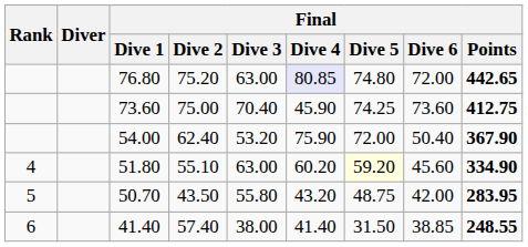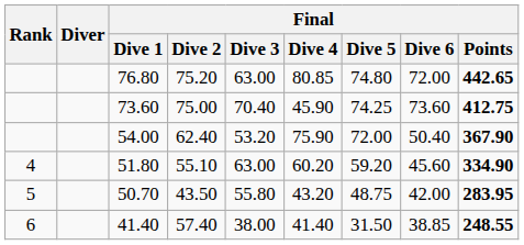 <table class="wikitable sortable"  style="text-align:center">
 <tr>
 <th rowspan="2" data-sort-type=number>Rank</th>
 <th rowspan="2">Diver</th>
 <th colspan="7">Final</th>
 </tr>
 <tr>
 <th>Dive 1</th>
 <th>Dive 2</th>
 <th>Dive 3</th>
 <th>Dive 4</th>
 <th>Dive 5</th>
 <th>Dive 6</th>
 <th>Points</th>
 </tr>
 <tr>
 <td></td>
 <td align="left"></td>
 <td>76.80</td>
 <td>75.20</td>
 <td>63.00</td>
-<td style="background: lavender;">80.85</td>
+<td>80.85</td>
 <td>74.80</td>
 <td>72.00</td>
 <td><strong>442.65</strong></td>
 </tr>
 <tr>
 <td></td>
 <td align="left"></td>
 <td>73.60</td>
 <td>75.00</td>
 <td>70.40</td>
 <td>45.90</td>
 <td>74.25</td>
 <td>73.60</td>
 <td><strong>412.75</strong></td>
 </tr>
 <tr>
 <td></td>
 <td align="left"></td>
 <td>54.00</td>
 <td>62.40</td>
 <td>53.20</td>
 <td>75.90</td>
 <td>72.00</td>
 <td>50.40</td>
 <td><strong>367.90</strong></td>
 </tr>
 <tr>
 <td>4</td>
 <td align="left"></td>
 <td>51.80</td>
 <td>55.10</td>
 <td>63.00</td>
 <td>60.20</td>
-<td style="background: lightyellow;">59.20</td>
+<td>59.20</td>
 <td>45.60</td>
 <td><strong>334.90</strong></td>
 </tr>
 <tr>
 <td>5</td>
 <td align="left"></td>
 <td>50.70</td>
 <td>43.50</td>
 <td>55.80</td>
 <td>43.20</td>
 <td>48.75</td>
 <td>42.00</td>
 <td><strong>283.95</strong></td>
 </tr>
 <tr>
 <td>6</td>
 <td align="left"></td>
 <td>41.40</td>
 <td>57.40</td>
 <td>38.00</td>
 <td>41.40</td>
 <td>31.50</td>
 <td>38.85</td>
 <td><strong>248.55</strong></td>
 </tr>
 </table>
